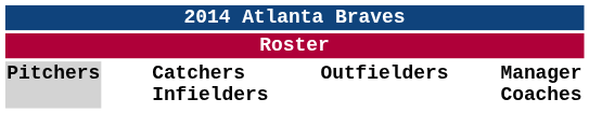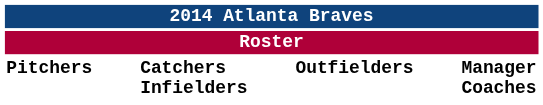 <table class="toccolours" style="font-size: 95%;">
 <tr>
 <th colspan="10" style="background:#0f437c; color:#fff; text-align:center;">2014 Atlanta Braves</th>
 </tr>
 <tr>
 <td colspan="10" style="background:#af0039; color:white; text-align:center;"><strong>Roster</strong></td>
 </tr>
 <tr>
-<td valign="top" style="background: lightgrey;"><strong>Pitchers</strong><br>                   </td>
+<td valign="top"><strong>Pitchers</strong><br>                   </td>
 <td style="width:25px;"></td>
 <td valign="top"><strong>Catchers</strong><br>   <strong>Infielders</strong>        </td>
 <td style="width:25px;"></td>
 <td valign="top"><strong>Outfielders</strong><br>       </td>
 <td style="width:25px;"></td>
 <td valign="top"><strong>Manager</strong><br> <strong>Coaches</strong>                    </td>
 </tr>
 </table>
